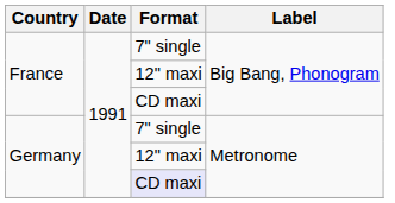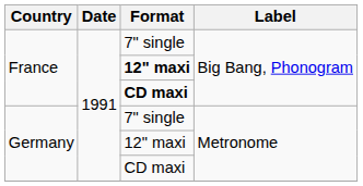 <table class=wikitable>
 <tr>
 <th>Country</th>
 <th>Date</th>
 <th>Format</th>
 <th>Label</th>
 </tr>
 <tr>
 <td rowspan="3">France</td>
 <td rowspan="6">1991</td>
 <td>7" single</td>
 <td rowspan="3">Big Bang, <a href='#'>Phonogram</a></td>
 </tr>
 <tr>
-<td>12" maxi</td>
+<td><strong>12" maxi</strong></td>
 </tr>
 <tr>
-<td>CD maxi</td>
+<td><strong>CD maxi</strong></td>
 </tr>
 <tr>
 <td rowspan="3">Germany</td>
 <td>7" single</td>
 <td rowspan="3">Metronome</td>
 </tr>
 <tr>
 <td>12" maxi</td>
 </tr>
 <tr>
-<td style="background: lavender;">CD maxi</td>
+<td>CD maxi</td>
 </tr>
 <tr>
 </tr>
 </table>
